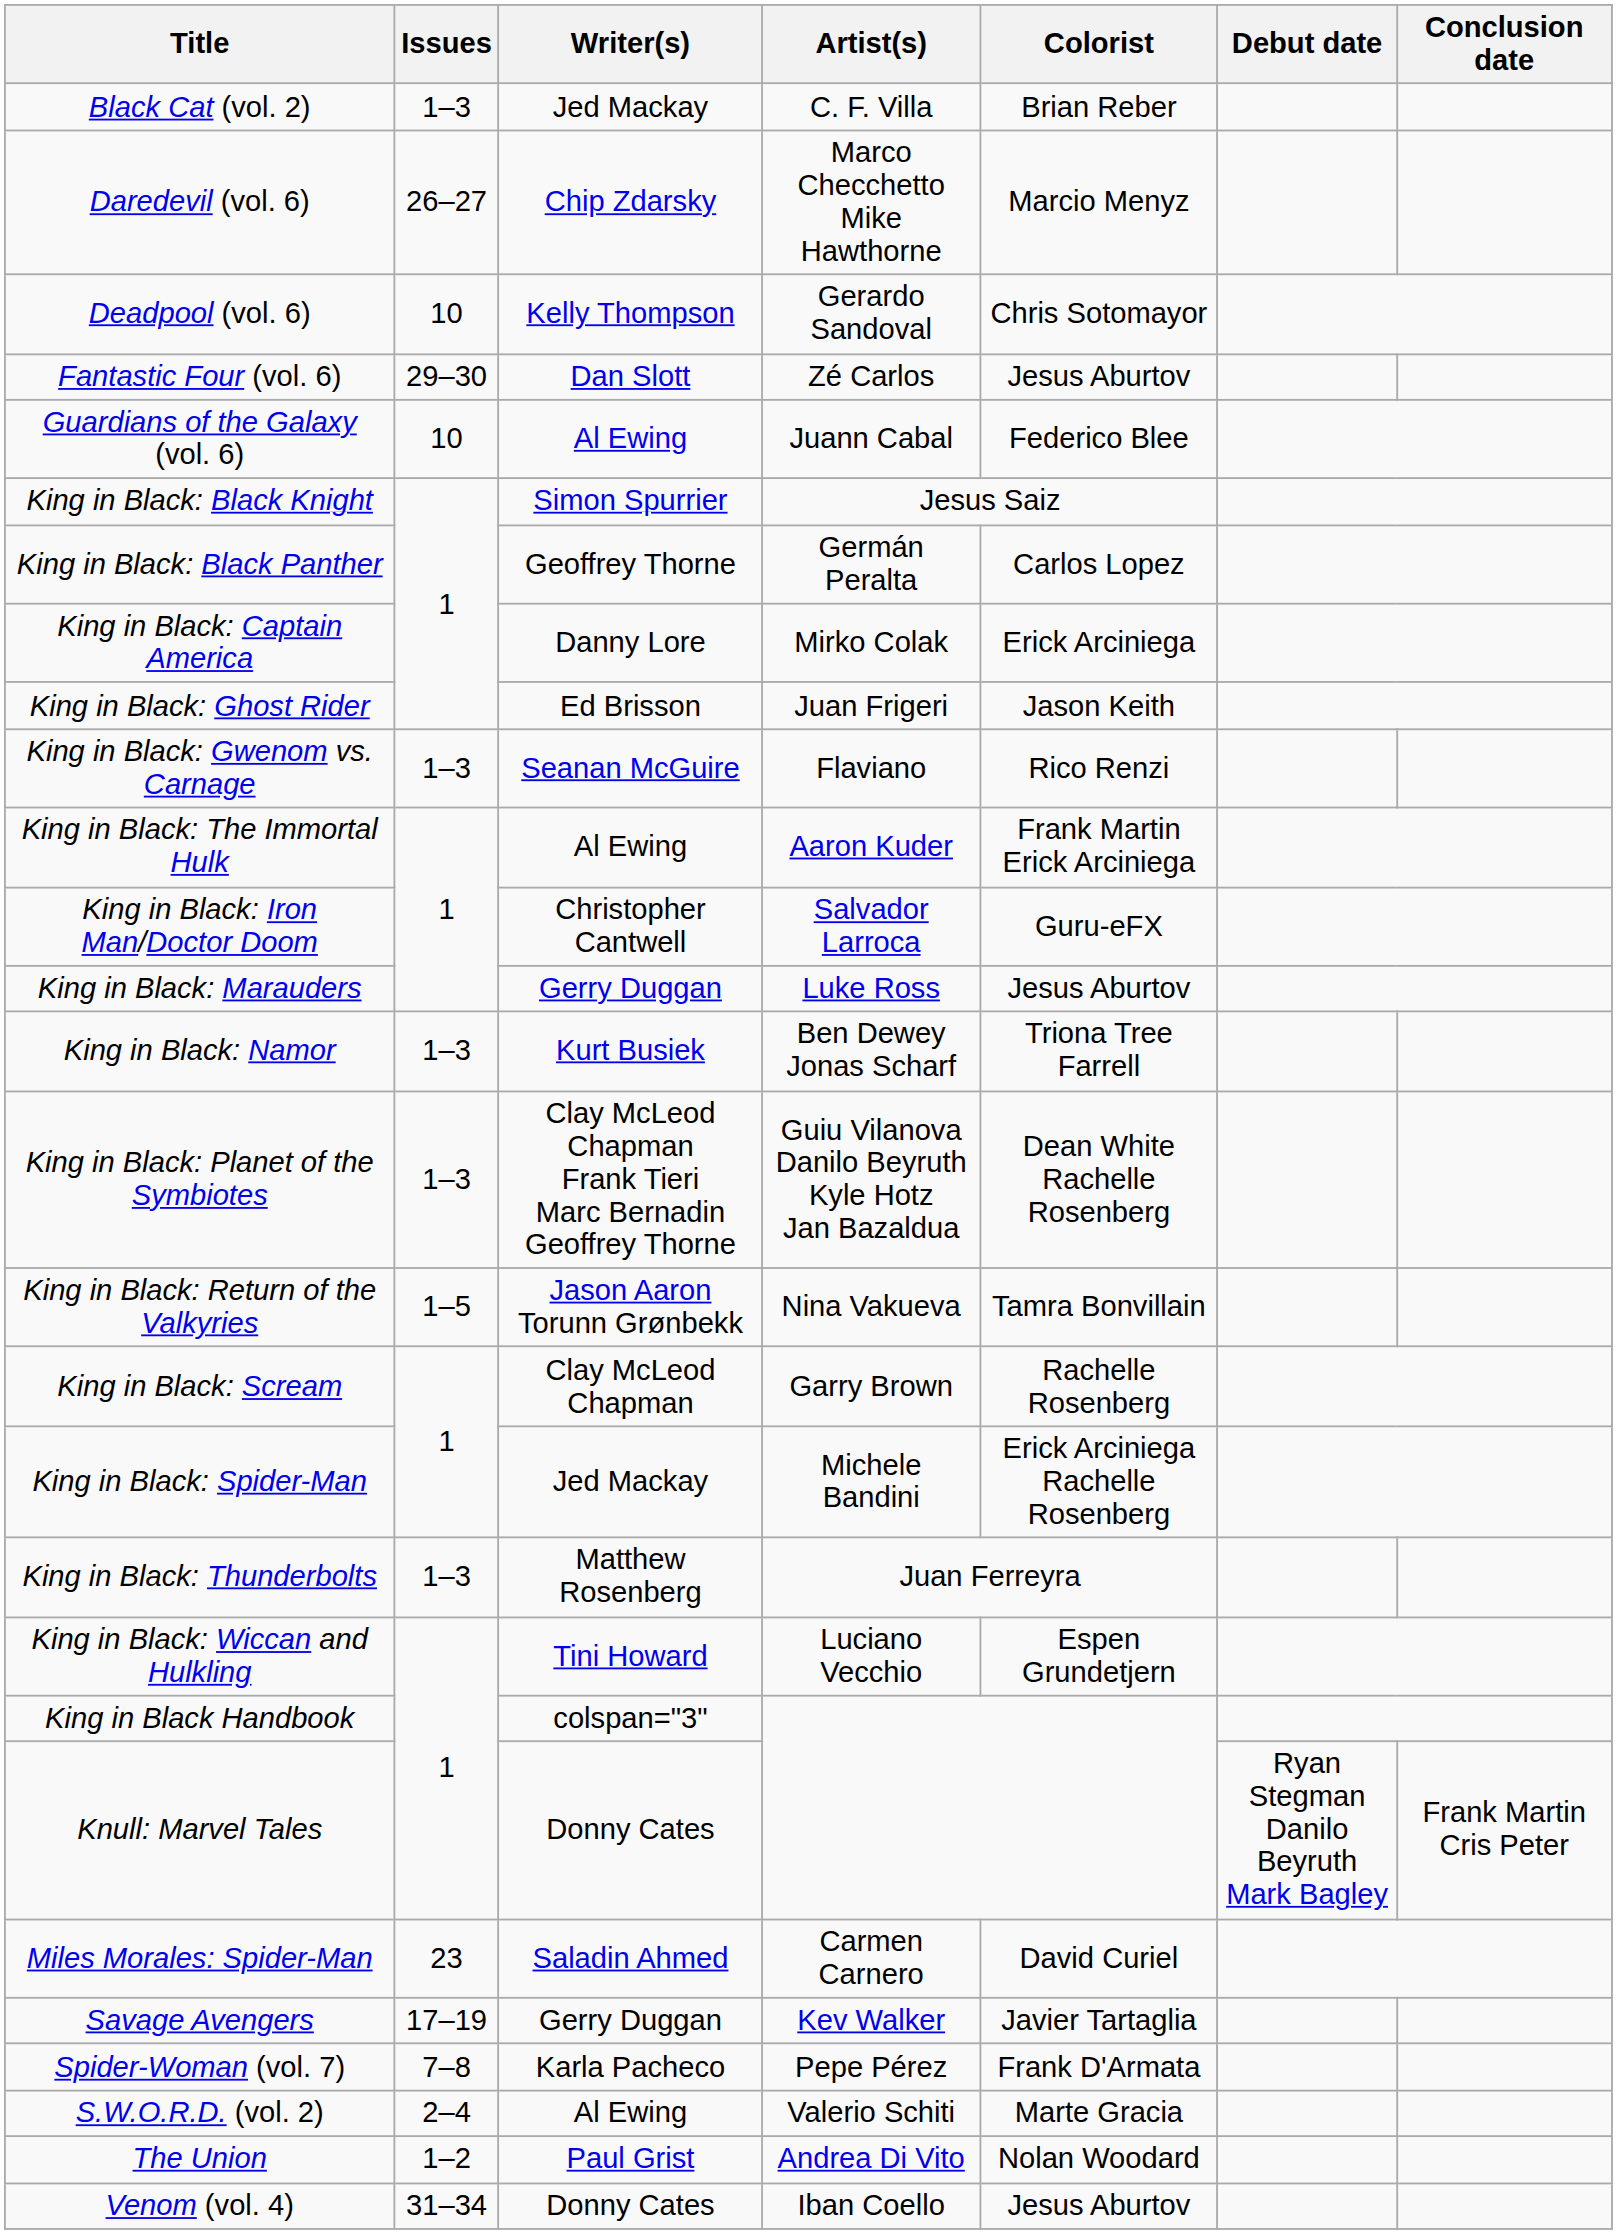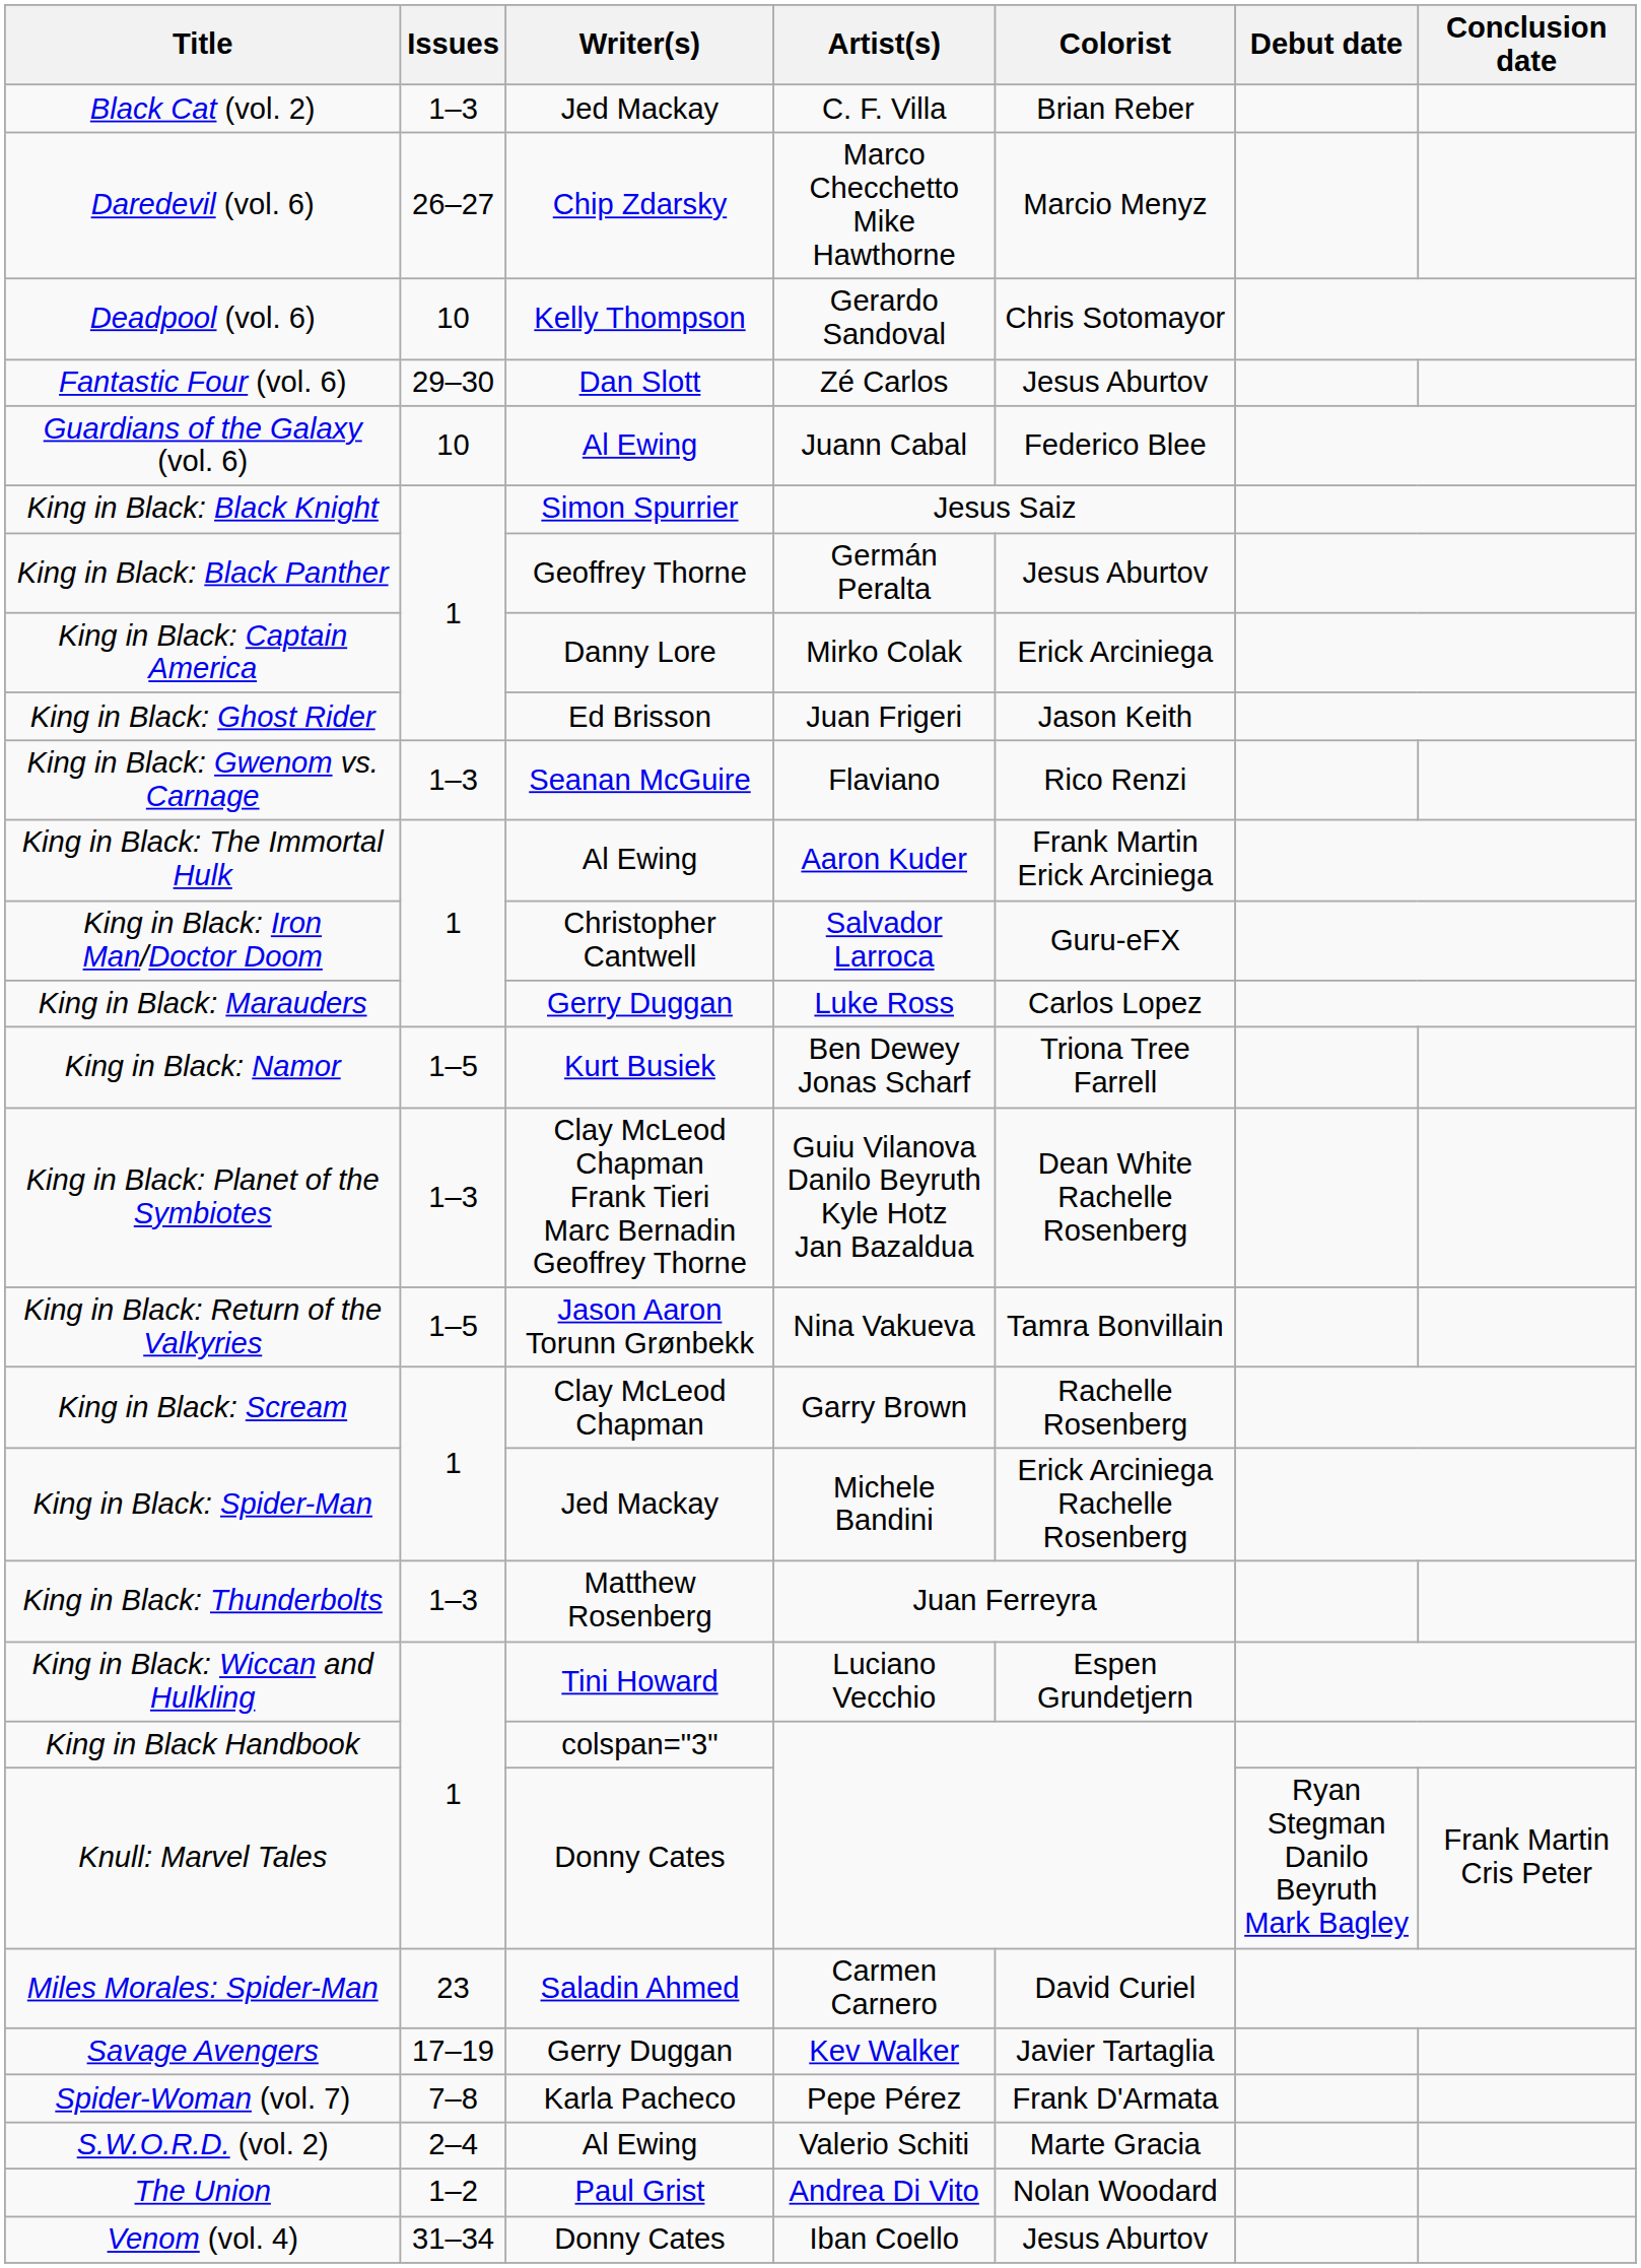 <table class="wikitable" style="text-align:center; width:100%">
 <tr>
 <th scope="col">Title</th>
 <th scope="col">Issues</th>
 <th scope="col">Writer(s)</th>
 <th scope="col">Artist(s)</th>
 <th scope="col">Colorist</th>
 <th scope="col">Debut date</th>
 <th scope="col">Conclusion date</th>
 </tr>
 <tr>
 <td><em><a href='#'>Black Cat</a></em> (vol. 2)</td>
 <td>1–3</td>
 <td>Jed Mackay</td>
 <td>C. F. Villa</td>
 <td>Brian Reber</td>
 <td></td>
 <td></td>
 </tr>
 <tr>
 <td><em><a href='#'>Daredevil</a></em> (vol. 6)</td>
 <td>26–27</td>
 <td><a href='#'>Chip Zdarsky</a></td>
 <td>Marco Checchetto<br>Mike Hawthorne</td>
 <td>Marcio Menyz</td>
 <td></td>
 <td></td>
 </tr>
 <tr>
 <td><em><a href='#'>Deadpool</a></em> (vol. 6)</td>
 <td>10</td>
 <td><a href='#'>Kelly Thompson</a></td>
 <td>Gerardo Sandoval</td>
 <td>Chris Sotomayor</td>
 <td colspan="2"></td>
 </tr>
 <tr>
 <td><em><a href='#'>Fantastic Four</a></em> (vol. 6)</td>
 <td>29–30</td>
 <td><a href='#'>Dan Slott</a></td>
 <td>Zé Carlos</td>
 <td>Jesus Aburtov</td>
 <td></td>
 <td></td>
 </tr>
 <tr>
 <td><em><a href='#'>Guardians of the Galaxy</a></em> (vol. 6)</td>
 <td>10</td>
 <td><a href='#'>Al Ewing</a></td>
 <td>Juann Cabal</td>
 <td>Federico Blee</td>
 <td colspan="2"></td>
 </tr>
 <tr>
 <td><em>King in Black: <a href='#'>Black Knight</a></em></td>
 <td rowspan="4">1</td>
 <td><a href='#'>Simon Spurrier</a></td>
 <td colspan="2">Jesus Saiz</td>
 <td colspan="2"></td>
 </tr>
 <tr>
 <td><em>King in Black: <a href='#'>Black Panther</a></em></td>
 <td>Geoffrey Thorne</td>
 <td>Germán Peralta</td>
-<td>Carlos Lopez</td>
+<td>Jesus Aburtov</td>
 <td colspan="2"></td>
 </tr>
 <tr>
 <td><em>King in Black: <a href='#'>Captain America</a></em></td>
 <td>Danny Lore</td>
 <td>Mirko Colak</td>
 <td>Erick Arciniega</td>
 <td colspan="2"></td>
 </tr>
 <tr>
 <td><em>King in Black: <a href='#'>Ghost Rider</a></em></td>
 <td>Ed Brisson</td>
 <td>Juan Frigeri</td>
 <td>Jason Keith</td>
 <td colspan="2"></td>
 </tr>
 <tr>
 <td><em>King in Black: <a href='#'>Gwenom</a> vs. <a href='#'>Carnage</a></em></td>
 <td>1–3</td>
 <td><a href='#'>Seanan McGuire</a></td>
 <td>Flaviano</td>
 <td>Rico Renzi</td>
 <td></td>
 <td></td>
 </tr>
 <tr>
 <td><em>King in Black: The Immortal <a href='#'>Hulk</a></em></td>
 <td rowspan="3">1</td>
 <td>Al Ewing</td>
 <td><a href='#'>Aaron Kuder</a></td>
 <td>Frank Martin<br>Erick Arciniega</td>
 <td colspan="2"></td>
 </tr>
 <tr>
 <td><em>King in Black: <a href='#'>Iron Man</a>/<a href='#'>Doctor Doom</a></em></td>
 <td>Christopher Cantwell</td>
 <td><a href='#'>Salvador Larroca</a></td>
 <td>Guru-eFX</td>
 <td colspan="2"></td>
 </tr>
 <tr>
 <td><em>King in Black: <a href='#'>Marauders</a></em></td>
 <td><a href='#'>Gerry Duggan</a></td>
 <td><a href='#'>Luke Ross</a></td>
-<td>Jesus Aburtov</td>
+<td>Carlos Lopez</td>
 <td colspan="2"></td>
 </tr>
 <tr>
 <td><em>King in Black: <a href='#'>Namor</a></em></td>
-<td>1–3</td>
+<td>1–5</td>
 <td><a href='#'>Kurt Busiek</a></td>
 <td>Ben Dewey<br>Jonas Scharf</td>
 <td>Triona Tree Farrell</td>
 <td></td>
 <td></td>
 </tr>
 <tr>
 <td><em>King in Black: Planet of the <a href='#'>Symbiotes</a></em></td>
 <td>1–3</td>
 <td>Clay McLeod Chapman<br>Frank Tieri<br>Marc Bernadin<br>Geoffrey Thorne</td>
 <td>Guiu Vilanova<br>Danilo Beyruth<br>Kyle Hotz<br>Jan Bazaldua</td>
 <td>Dean White<br>Rachelle Rosenberg</td>
 <td></td>
 <td></td>
 </tr>
 <tr>
 <td><em>King in Black: Return of the <a href='#'>Valkyries</a></em></td>
 <td>1–5</td>
 <td><a href='#'>Jason Aaron</a><br>Torunn Grønbekk</td>
 <td>Nina Vakueva</td>
 <td>Tamra Bonvillain</td>
 <td></td>
 <td></td>
 </tr>
 <tr>
 <td><em>King in Black: <a href='#'>Scream</a></em></td>
 <td rowspan="2">1</td>
 <td>Clay McLeod Chapman</td>
 <td>Garry Brown</td>
 <td>Rachelle Rosenberg</td>
 <td colspan="2"></td>
 </tr>
 <tr>
 <td><em>King in Black: <a href='#'>Spider-Man</a></em></td>
 <td>Jed Mackay</td>
 <td>Michele Bandini</td>
 <td>Erick Arciniega<br>Rachelle Rosenberg</td>
 <td colspan="2"></td>
 </tr>
 <tr>
 <td><em>King in Black: <a href='#'>Thunderbolts</a></em></td>
 <td>1–3</td>
 <td>Matthew Rosenberg</td>
 <td colspan="2">Juan Ferreyra</td>
 <td></td>
 <td></td>
 </tr>
 <tr>
 <td><em>King in Black: <a href='#'>Wiccan</a> and <a href='#'>Hulkling</a></em></td>
 <td rowspan="3">1</td>
 <td><a href='#'>Tini Howard</a></td>
 <td>Luciano Vecchio</td>
 <td>Espen Grundetjern</td>
 <td colspan="2"></td>
 </tr>
 <tr>
 <td><em>King in Black Handbook</em></td>
 <td>colspan="3" </td>
 <td rowspan="2" colspan="2"></td>
 </tr>
 <tr>
 <td><em>Knull: Marvel Tales</em></td>
 <td>Donny Cates</td>
 <td>Ryan Stegman<br>Danilo Beyruth<br><a href='#'>Mark Bagley</a></td>
 <td>Frank Martin<br>Cris Peter</td>
 </tr>
 <tr>
 <td><em><a href='#'>Miles Morales: Spider-Man</a></em></td>
 <td>23</td>
 <td><a href='#'>Saladin Ahmed</a></td>
 <td>Carmen Carnero</td>
 <td>David Curiel</td>
 <td colspan="2"></td>
 </tr>
 <tr>
 <td><em><a href='#'>Savage Avengers</a></em></td>
 <td>17–19</td>
 <td>Gerry Duggan</td>
 <td><a href='#'>Kev Walker</a></td>
 <td>Javier Tartaglia</td>
 <td></td>
 <td></td>
 </tr>
 <tr>
 <td><em><a href='#'>Spider-Woman</a></em> (vol. 7)</td>
 <td>7–8</td>
 <td>Karla Pacheco</td>
 <td>Pepe Pérez</td>
 <td>Frank D'Armata</td>
 <td></td>
 <td></td>
 </tr>
 <tr>
 <td><em><a href='#'>S.W.O.R.D.</a></em> (vol. 2)</td>
 <td>2–4</td>
 <td>Al Ewing</td>
 <td>Valerio Schiti</td>
 <td>Marte Gracia</td>
 <td></td>
 <td></td>
 </tr>
 <tr>
 <td><em><a href='#'>The Union</a></em></td>
 <td>1–2</td>
 <td><a href='#'>Paul Grist</a></td>
 <td><a href='#'>Andrea Di Vito</a></td>
 <td>Nolan Woodard</td>
 <td></td>
 <td></td>
 </tr>
 <tr>
 <td><em><a href='#'>Venom</a></em> (vol. 4)</td>
 <td>31–34</td>
 <td>Donny Cates</td>
 <td>Iban Coello</td>
 <td>Jesus Aburtov</td>
 <td></td>
 <td></td>
 </tr>
 </table>
